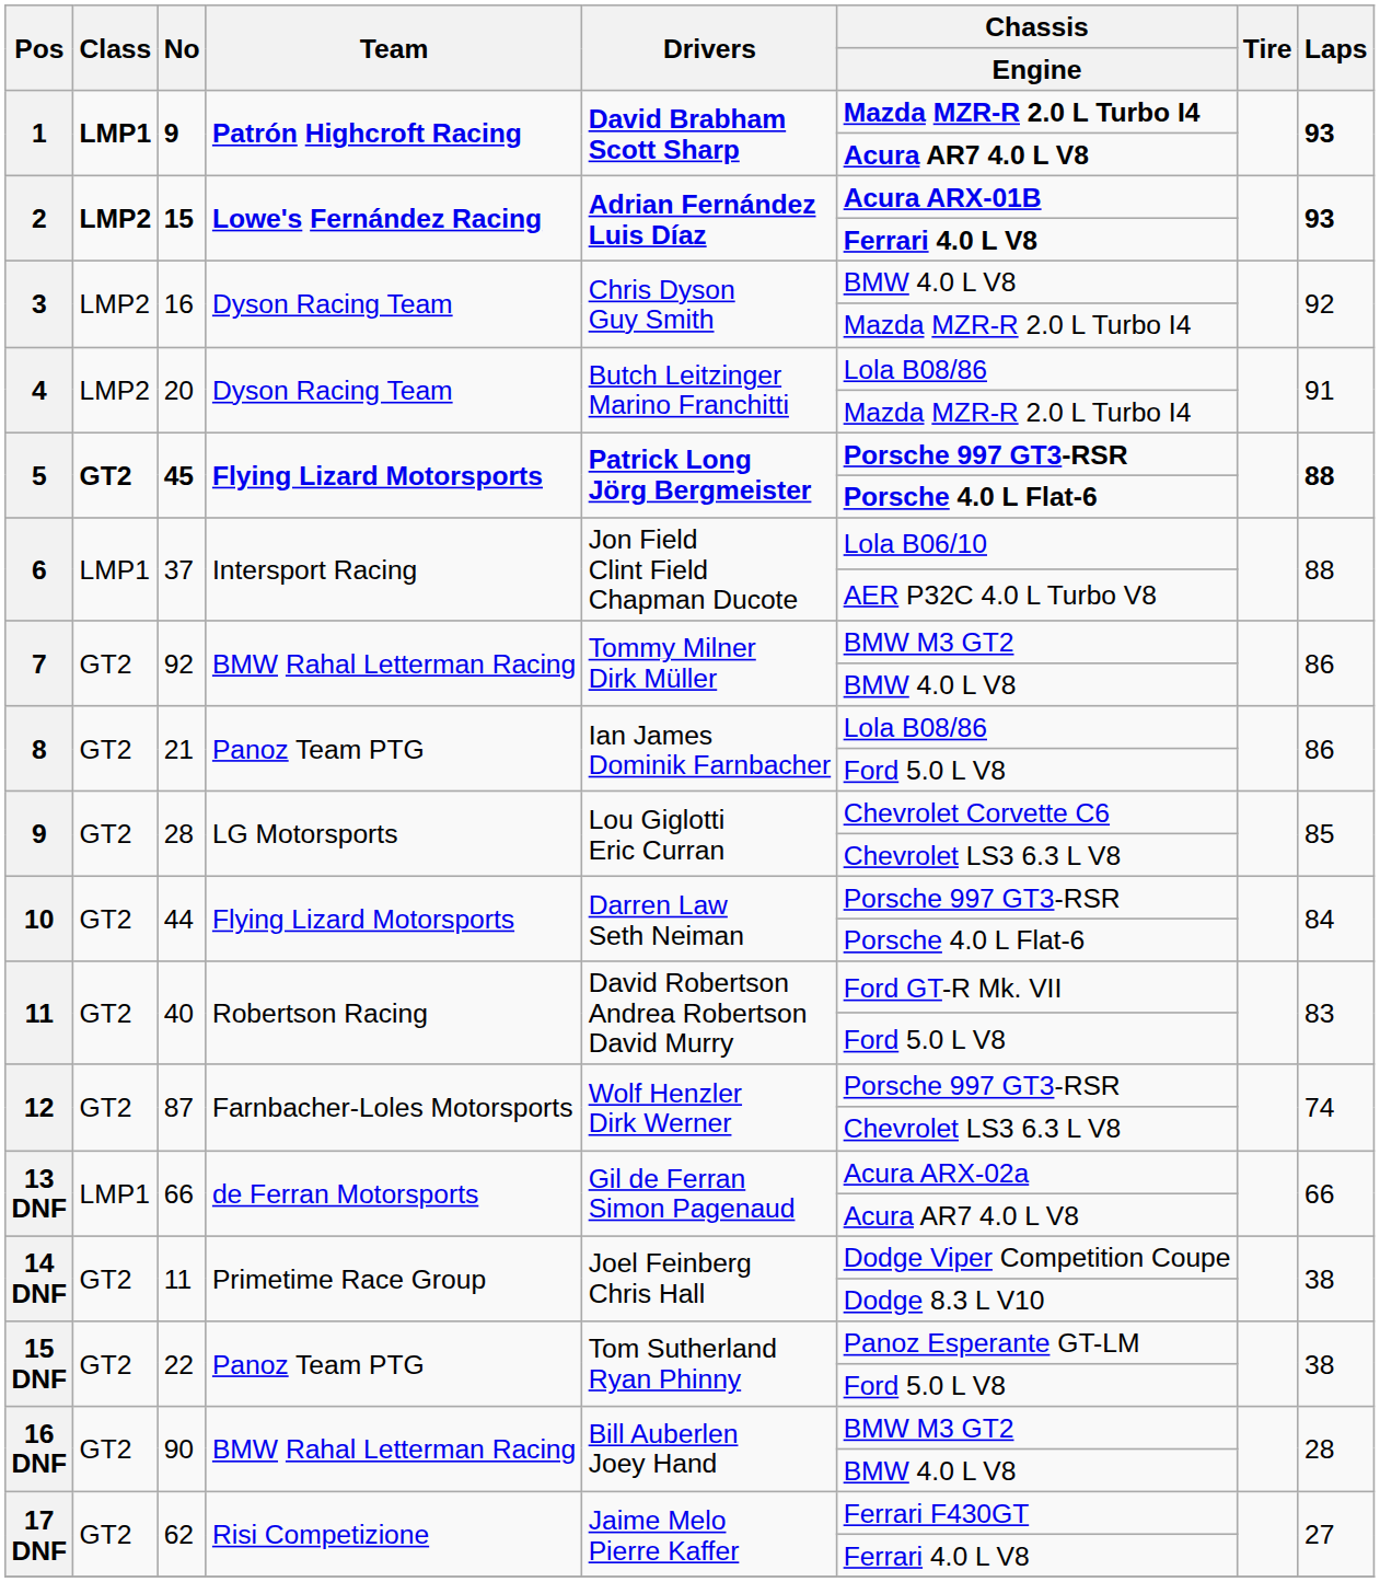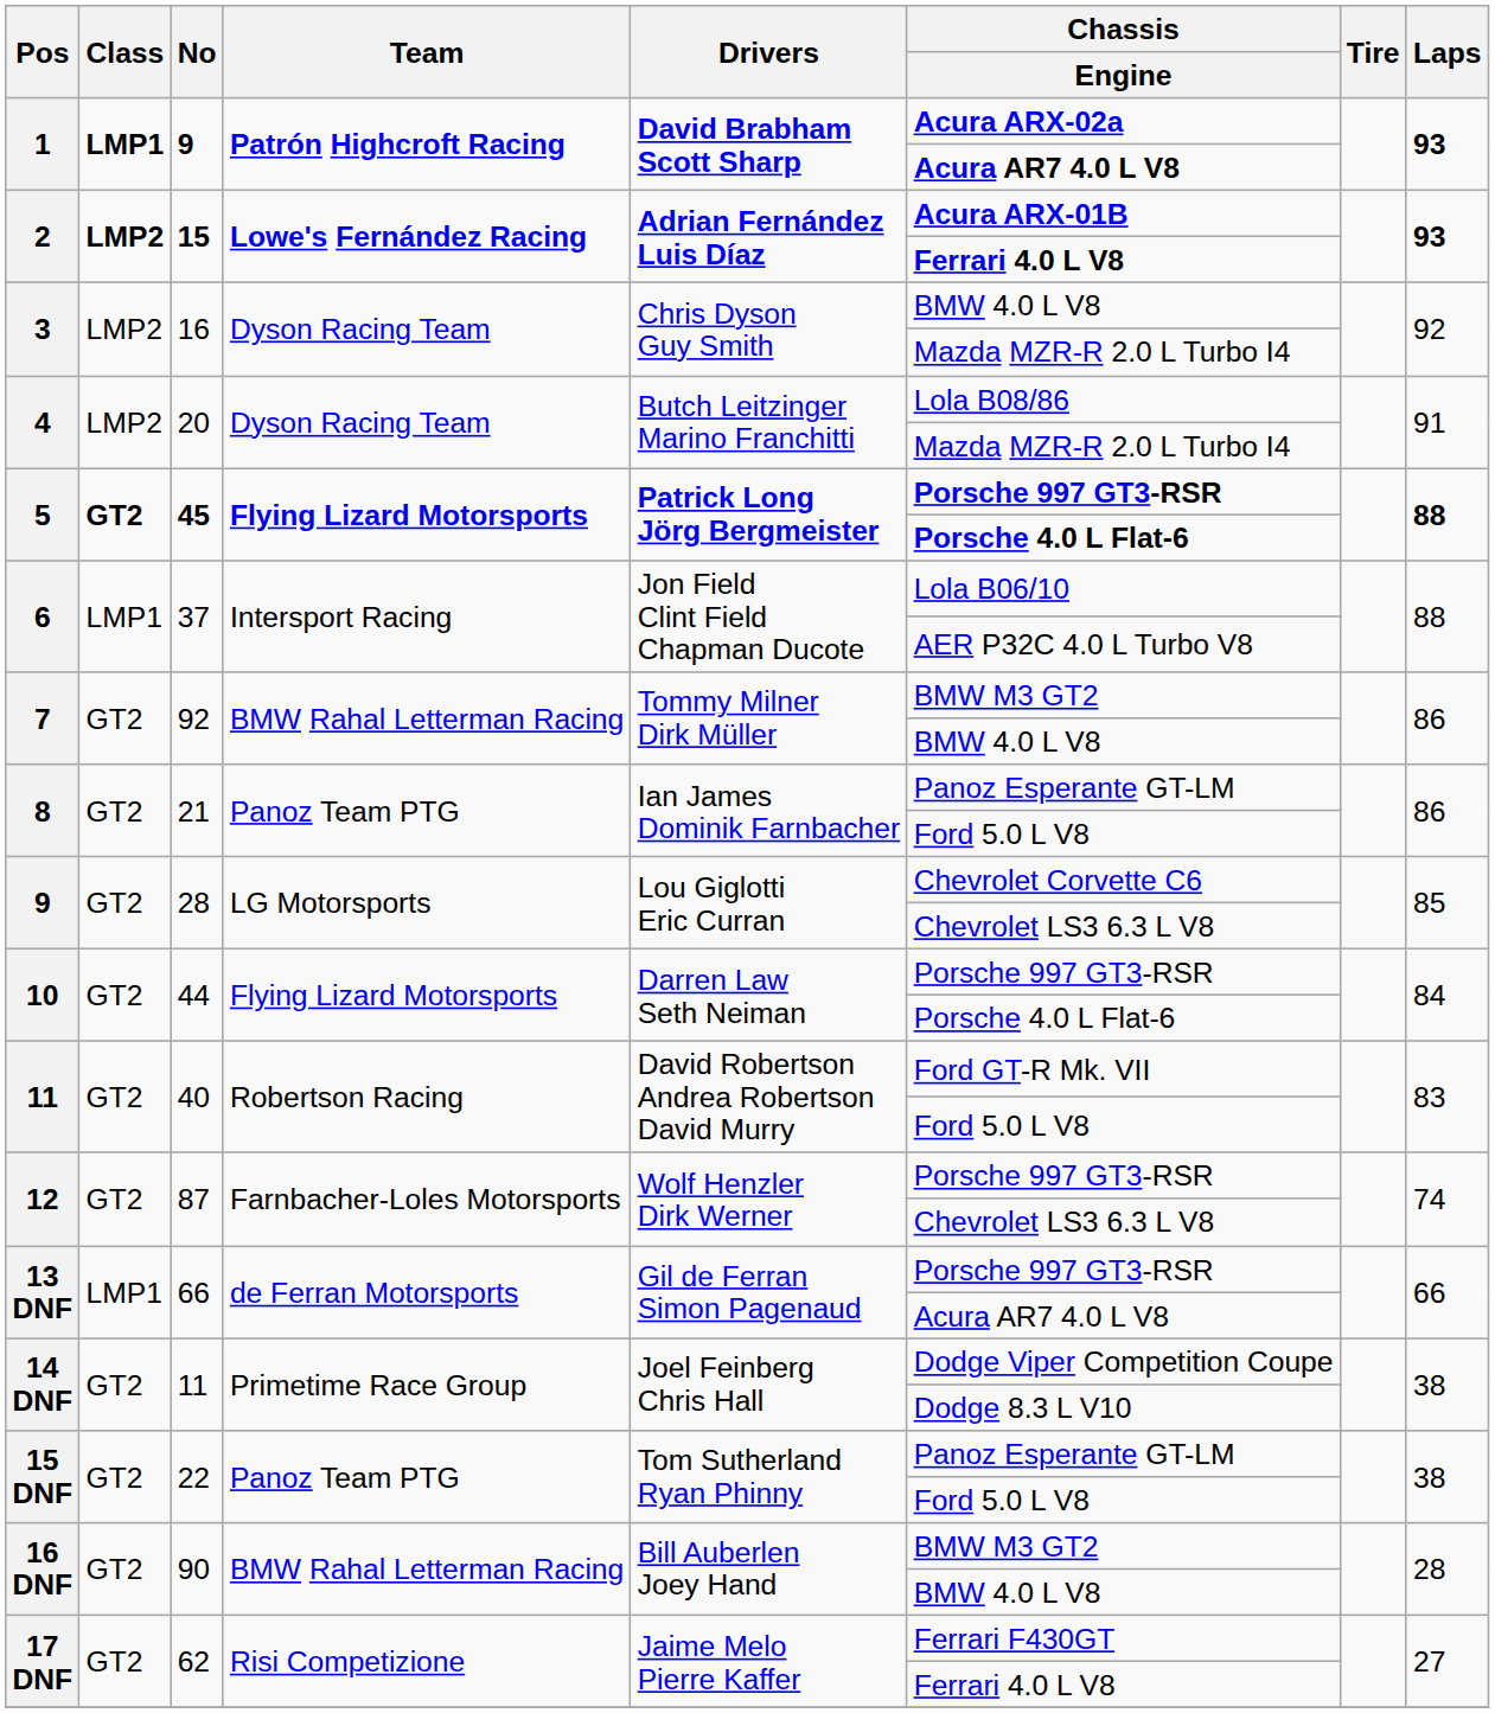 <table class="wikitable" style="font-size: 95%;">
 <tr>
 <th rowspan=2>Pos</th>
 <th rowspan=2>Class</th>
 <th rowspan=2>No</th>
 <th rowspan=2>Team</th>
 <th rowspan=2>Drivers</th>
 <th>Chassis</th>
 <th rowspan=2>Tire</th>
 <th rowspan=2>Laps</th>
 </tr>
 <tr>
 <th>Engine</th>
 </tr>
 <tr style="font-weight:bold">
 <th rowspan=2>1</th>
 <td rowspan=2>LMP1</td>
 <td rowspan=2>9</td>
 <td rowspan=2> <a href='#'>Patrón</a> <a href='#'>Highcroft Racing</a></td>
 <td rowspan=2> <a href='#'>David Brabham</a><br> <a href='#'>Scott Sharp</a></td>
-<td><a href='#'>Mazda</a> <a href='#'>MZR-R</a> 2.0 L Turbo I4</td>
+<td><a href='#'>Acura ARX-02a</a></td>
 <td rowspan=2></td>
 <td rowspan=2>93</td>
 </tr>
 <tr style="font-weight:bold">
 <td><a href='#'>Acura</a> AR7 4.0 L V8</td>
 </tr>
 <tr style="font-weight:bold">
 <th rowspan=2>2</th>
 <td rowspan=2>LMP2</td>
 <td rowspan=2>15</td>
 <td rowspan=2> <a href='#'>Lowe's</a> <a href='#'>Fernández Racing</a></td>
 <td rowspan=2> <a href='#'>Adrian Fernández</a><br> <a href='#'>Luis Díaz</a></td>
 <td><a href='#'>Acura ARX-01B</a></td>
 <td rowspan=2></td>
 <td rowspan=2>93</td>
 </tr>
 <tr style="font-weight:bold">
 <td><a href='#'>Ferrari</a> 4.0 L V8</td>
 </tr>
 <tr>
 <th rowspan=2>3</th>
 <td rowspan=2>LMP2</td>
 <td rowspan=2>16</td>
 <td rowspan=2> <a href='#'>Dyson Racing Team</a></td>
 <td rowspan=2> <a href='#'>Chris Dyson</a><br> <a href='#'>Guy Smith</a></td>
 <td><a href='#'>BMW</a> 4.0 L V8</td>
 <td rowspan=2></td>
 <td rowspan=2>92</td>
 </tr>
 <tr>
 <td><a href='#'>Mazda</a> <a href='#'>MZR-R</a> 2.0 L Turbo I4</td>
 </tr>
 <tr>
 <th rowspan=2>4</th>
 <td rowspan=2>LMP2</td>
 <td rowspan=2>20</td>
 <td rowspan=2> <a href='#'>Dyson Racing Team</a></td>
 <td rowspan=2> <a href='#'>Butch Leitzinger</a><br> <a href='#'>Marino Franchitti</a></td>
 <td><a href='#'>Lola B08/86</a></td>
 <td rowspan=2></td>
 <td rowspan=2>91</td>
 </tr>
 <tr>
 <td><a href='#'>Mazda</a> <a href='#'>MZR-R</a> 2.0 L Turbo I4</td>
 </tr>
 <tr style="font-weight:bold">
 <th rowspan=2>5</th>
 <td rowspan=2>GT2</td>
 <td rowspan=2>45</td>
 <td rowspan=2> <a href='#'>Flying Lizard Motorsports</a></td>
 <td rowspan=2> <a href='#'>Patrick Long</a><br> <a href='#'>Jörg Bergmeister</a></td>
 <td><a href='#'>Porsche 997 GT3</a>-RSR</td>
 <td rowspan=2></td>
 <td rowspan=2>88</td>
 </tr>
 <tr style="font-weight:bold">
 <td><a href='#'>Porsche</a> 4.0 L Flat-6</td>
 </tr>
 <tr>
 <th rowspan=2>6</th>
 <td rowspan=2>LMP1</td>
 <td rowspan=2>37</td>
 <td rowspan=2> Intersport Racing</td>
 <td rowspan=2> Jon Field<br> Clint Field<br> Chapman Ducote</td>
 <td><a href='#'>Lola B06/10</a></td>
 <td rowspan=2></td>
 <td rowspan=2>88</td>
 </tr>
 <tr>
 <td><a href='#'>AER</a> P32C 4.0 L Turbo V8</td>
 </tr>
 <tr>
 <th rowspan=2>7</th>
 <td rowspan=2>GT2</td>
 <td rowspan=2>92</td>
 <td rowspan=2> <a href='#'>BMW</a> <a href='#'>Rahal Letterman Racing</a></td>
 <td rowspan=2> <a href='#'>Tommy Milner</a><br> <a href='#'>Dirk Müller</a></td>
 <td><a href='#'>BMW M3 GT2</a></td>
 <td rowspan=2></td>
 <td rowspan=2>86</td>
 </tr>
 <tr>
 <td><a href='#'>BMW</a> 4.0 L V8</td>
 </tr>
 <tr>
 <th rowspan=2>8</th>
 <td rowspan=2>GT2</td>
 <td rowspan=2>21</td>
 <td rowspan=2> <a href='#'>Panoz</a> Team PTG</td>
 <td rowspan=2> Ian James<br> <a href='#'>Dominik Farnbacher</a></td>
-<td><a href='#'>Lola B08/86</a></td>
+<td><a href='#'>Panoz Esperante</a> GT-LM</td>
 <td rowspan=2></td>
 <td rowspan=2>86</td>
 </tr>
 <tr>
 <td><a href='#'>Ford</a> 5.0 L V8</td>
 </tr>
 <tr>
 <th rowspan=2>9</th>
 <td rowspan=2>GT2</td>
 <td rowspan=2>28</td>
 <td rowspan=2> LG Motorsports</td>
 <td rowspan=2> Lou Giglotti<br> Eric Curran</td>
 <td><a href='#'>Chevrolet Corvette C6</a></td>
 <td rowspan=2></td>
 <td rowspan=2>85</td>
 </tr>
 <tr>
 <td><a href='#'>Chevrolet</a> LS3 6.3 L V8</td>
 </tr>
 <tr>
 <th rowspan=2>10</th>
 <td rowspan=2>GT2</td>
 <td rowspan=2>44</td>
 <td rowspan=2> <a href='#'>Flying Lizard Motorsports</a></td>
 <td rowspan=2> <a href='#'>Darren Law</a><br> Seth Neiman</td>
 <td><a href='#'>Porsche 997 GT3</a>-RSR</td>
 <td rowspan=2></td>
 <td rowspan=2>84</td>
 </tr>
 <tr>
 <td><a href='#'>Porsche</a> 4.0 L Flat-6</td>
 </tr>
 <tr>
 <th rowspan=2>11</th>
 <td rowspan=2>GT2</td>
 <td rowspan=2>40</td>
 <td rowspan=2> Robertson Racing</td>
 <td rowspan=2> David Robertson<br> Andrea Robertson<br> David Murry</td>
 <td><a href='#'>Ford GT</a>-R Mk. VII</td>
 <td rowspan=2></td>
 <td rowspan=2>83</td>
 </tr>
 <tr>
 <td><a href='#'>Ford</a> 5.0 L V8</td>
 </tr>
 <tr>
 <th rowspan=2>12</th>
 <td rowspan=2>GT2</td>
 <td rowspan=2>87</td>
 <td rowspan=2> Farnbacher-Loles Motorsports</td>
 <td rowspan=2> <a href='#'>Wolf Henzler</a><br> <a href='#'>Dirk Werner</a></td>
 <td><a href='#'>Porsche 997 GT3</a>-RSR</td>
 <td rowspan=2></td>
 <td rowspan=2>74</td>
 </tr>
 <tr>
 <td><a href='#'>Chevrolet</a> LS3 6.3 L V8</td>
 </tr>
 <tr>
 <th rowspan=2>13<br>DNF</th>
 <td rowspan=2>LMP1</td>
 <td rowspan=2>66</td>
 <td rowspan=2> <a href='#'>de Ferran Motorsports</a></td>
 <td rowspan=2> <a href='#'>Gil de Ferran</a><br> <a href='#'>Simon Pagenaud</a></td>
-<td><a href='#'>Acura ARX-02a</a></td>
+<td><a href='#'>Porsche 997 GT3</a>-RSR</td>
 <td rowspan=2></td>
 <td rowspan=2>66</td>
 </tr>
 <tr>
 <td><a href='#'>Acura</a> AR7 4.0 L V8</td>
 </tr>
 <tr>
 <th rowspan=2>14<br>DNF</th>
 <td rowspan=2>GT2</td>
 <td rowspan=2>11</td>
 <td rowspan=2> Primetime Race Group</td>
 <td rowspan=2> Joel Feinberg<br> Chris Hall</td>
 <td><a href='#'>Dodge Viper</a> Competition Coupe</td>
 <td rowspan=2></td>
 <td rowspan=2>38</td>
 </tr>
 <tr>
 <td><a href='#'>Dodge</a> 8.3 L V10</td>
 </tr>
 <tr>
 <th rowspan=2>15<br>DNF</th>
 <td rowspan=2>GT2</td>
 <td rowspan=2>22</td>
 <td rowspan=2> <a href='#'>Panoz</a> Team PTG</td>
 <td rowspan=2> Tom Sutherland<br> <a href='#'>Ryan Phinny</a></td>
 <td><a href='#'>Panoz Esperante</a> GT-LM</td>
 <td rowspan=2></td>
 <td rowspan=2>38</td>
 </tr>
 <tr>
 <td><a href='#'>Ford</a> 5.0 L V8</td>
 </tr>
 <tr>
 <th rowspan=2>16<br>DNF</th>
 <td rowspan=2>GT2</td>
 <td rowspan=2>90</td>
 <td rowspan=2> <a href='#'>BMW</a> <a href='#'>Rahal Letterman Racing</a></td>
 <td rowspan=2> <a href='#'>Bill Auberlen</a><br> Joey Hand</td>
 <td><a href='#'>BMW M3 GT2</a></td>
 <td rowspan=2></td>
 <td rowspan=2>28</td>
 </tr>
 <tr>
 <td><a href='#'>BMW</a> 4.0 L V8</td>
 </tr>
 <tr>
 <th rowspan=2>17<br>DNF</th>
 <td rowspan=2>GT2</td>
 <td rowspan=2>62</td>
 <td rowspan=2> <a href='#'>Risi Competizione</a></td>
 <td rowspan=2> <a href='#'>Jaime Melo</a><br> <a href='#'>Pierre Kaffer</a></td>
 <td><a href='#'>Ferrari F430GT</a></td>
 <td rowspan=2></td>
 <td rowspan=2>27</td>
 </tr>
 <tr>
 <td><a href='#'>Ferrari</a> 4.0 L V8</td>
 </tr>
 <tr>
 </tr>
 </table>
